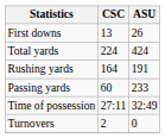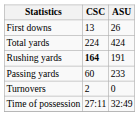 <table class="wikitable" style="float: left;">
 <tr>
 <th>Statistics</th>
 <th>CSC</th>
 <th>ASU</th>
 </tr>
 <tr>
 <td>First downs</td>
 <td>13</td>
 <td>26</td>
 </tr>
 <tr>
 <td>Total yards</td>
 <td>224</td>
 <td>424</td>
 </tr>
 <tr>
 <td>Rushing yards</td>
-<td>164</td>
+<td><strong>164</strong></td>
 <td>191</td>
 </tr>
 <tr>
 <td>Passing yards</td>
 <td>60</td>
 <td>233</td>
 </tr>
 <tr>
+<td>Turnovers</td>
+<td>2</td>
+<td>0</td>
+</tr>
+<tr>
 <td>Time of possession</td>
 <td>27:11</td>
 <td>32:49</td>
 </tr>
 <tr>
-<td>Turnovers</td>
-<td>2</td>
-<td>0</td>
-</tr>
-<tr>
 </tr>
 </table>
